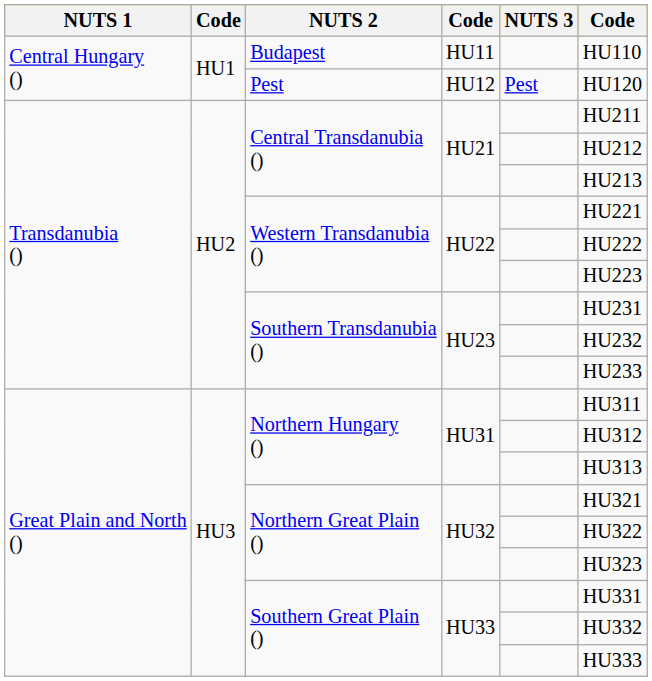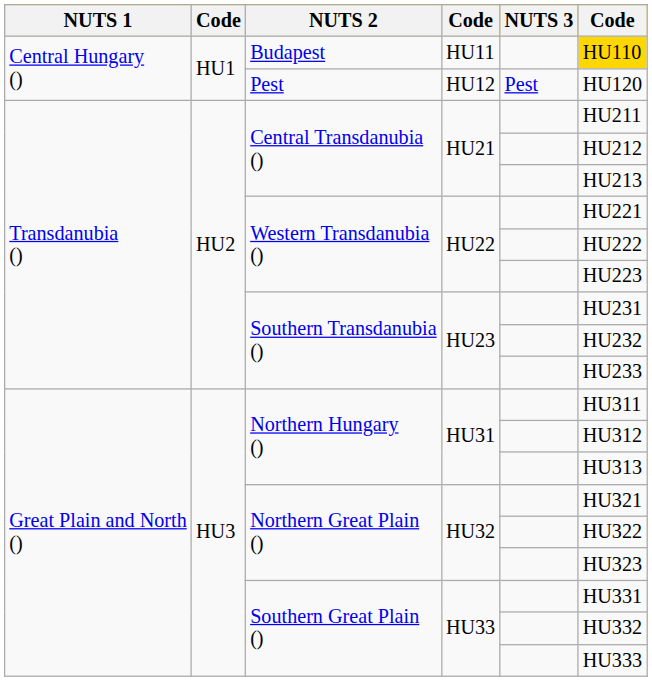 <table class="wikitable">
 <tr style="background-color:#ffd700;text-align:left">
 <th>NUTS 1</th>
 <th>Code</th>
 <th>NUTS 2</th>
 <th>Code</th>
 <th>NUTS 3</th>
 <th>Code</th>
 </tr>
 <tr>
 <td rowspan=2><a href='#'>Central Hungary</a><br>()</td>
 <td rowspan=2>HU1</td>
 <td><a href='#'>Budapest</a></td>
 <td>HU11</td>
 <td></td>
-<td>HU110</td>
+<td style="background: gold;">HU110</td>
 </tr>
 <tr>
 <td><a href='#'>Pest</a></td>
 <td>HU12</td>
 <td><a href='#'>Pest</a></td>
 <td>HU120</td>
 </tr>
 <tr>
 <td rowspan=9><a href='#'>Transdanubia</a><br>()</td>
 <td rowspan=9>HU2</td>
 <td rowspan=3><a href='#'>Central Transdanubia</a><br>()</td>
 <td rowspan=3>HU21</td>
 <td></td>
 <td>HU211</td>
 </tr>
 <tr>
 <td></td>
 <td>HU212</td>
 </tr>
 <tr>
 <td></td>
 <td>HU213</td>
 </tr>
 <tr>
 <td rowspan=3><a href='#'>Western Transdanubia</a><br>()</td>
 <td rowspan=3>HU22</td>
 <td></td>
 <td>HU221</td>
 </tr>
 <tr>
 <td></td>
 <td>HU222</td>
 </tr>
 <tr>
 <td></td>
 <td>HU223</td>
 </tr>
 <tr>
 <td rowspan=3><a href='#'>Southern Transdanubia</a><br>()</td>
 <td rowspan=3>HU23</td>
 <td></td>
 <td>HU231</td>
 </tr>
 <tr>
 <td></td>
 <td>HU232</td>
 </tr>
 <tr>
 <td></td>
 <td>HU233</td>
 </tr>
 <tr>
 <td rowspan=9><a href='#'>Great Plain and North</a> <br>()</td>
 <td rowspan=9>HU3</td>
 <td rowspan=3><a href='#'>Northern Hungary</a><br>()</td>
 <td rowspan=3>HU31</td>
 <td></td>
 <td>HU311</td>
 </tr>
 <tr>
 <td></td>
 <td>HU312</td>
 </tr>
 <tr>
 <td></td>
 <td>HU313</td>
 </tr>
 <tr>
 <td rowspan=3><a href='#'>Northern Great Plain</a><br>()</td>
 <td rowspan=3>HU32</td>
 <td></td>
 <td>HU321</td>
 </tr>
 <tr>
 <td></td>
 <td>HU322</td>
 </tr>
 <tr>
 <td></td>
 <td>HU323</td>
 </tr>
 <tr>
 <td rowspan=3><a href='#'>Southern Great Plain</a><br>()</td>
 <td rowspan=3>HU33</td>
 <td></td>
 <td>HU331</td>
 </tr>
 <tr>
 <td></td>
 <td>HU332</td>
 </tr>
 <tr>
 <td></td>
 <td>HU333</td>
 </tr>
 </table>
